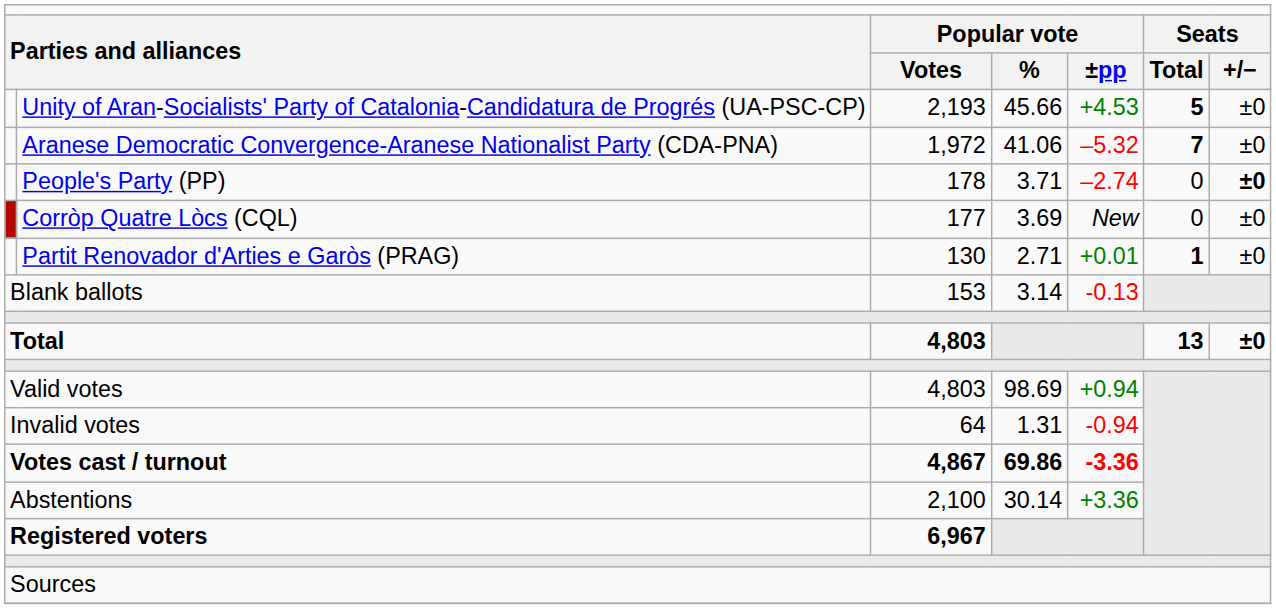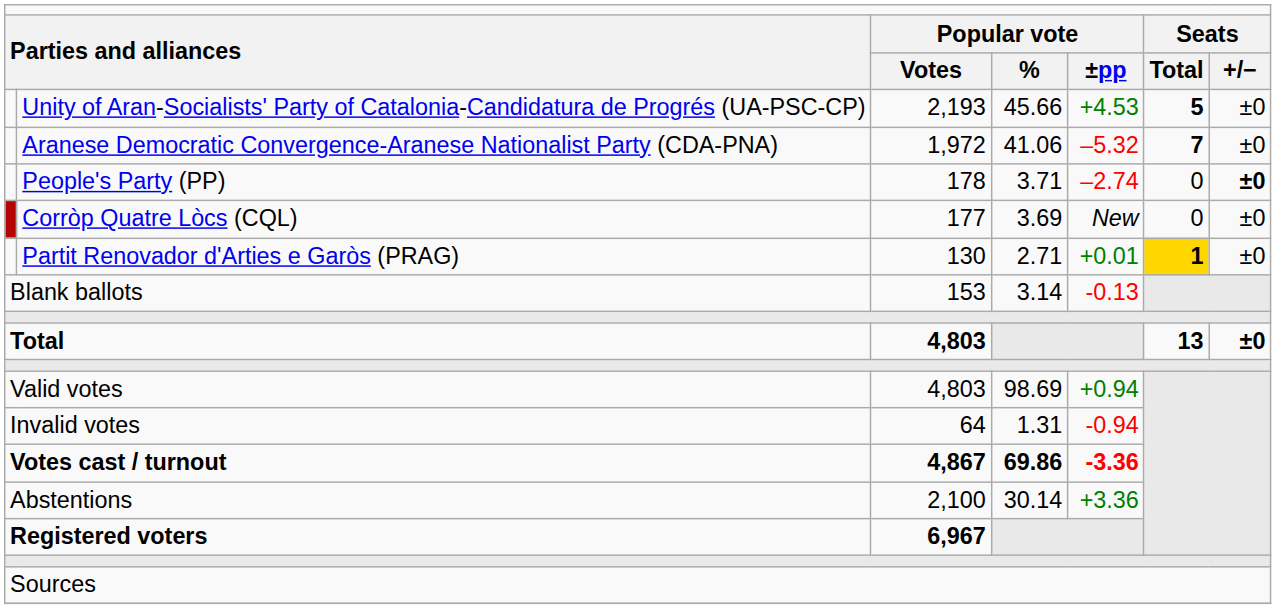 <table class="wikitable" style="text-align:right;">
 <tr>
 <td colspan="7"></td>
 </tr>
 <tr>
 <th colspan="2" rowspan="2" style="text-align:left;" width="525">Parties and alliances</th>
 <th colspan="3">Popular vote</th>
 <th colspan="2">Seats</th>
 </tr>
 <tr>
 <th width="75">Votes</th>
 <th width="45">%</th>
 <th width="45">±<a href='#'>pp</a></th>
 <th width="35">Total</th>
 <th width="35">+/−</th>
 </tr>
 <tr>
 <td width="1" style="color:inherit;background:"></td>
 <td align="left"><a href='#'>Unity of Aran</a>-<a href='#'>Socialists' Party of Catalonia</a>-<a href='#'>Candidatura de Progrés</a> (UA-PSC-CP)</td>
 <td>2,193</td>
 <td>45.66</td>
 <td style="color:green;">+4.53</td>
 <td><strong>5</strong></td>
 <td>±0</td>
 </tr>
 <tr>
 <td style="color:inherit;background:"></td>
 <td align="left"><a href='#'>Aranese Democratic Convergence-Aranese Nationalist Party</a> (CDA-PNA)</td>
 <td>1,972</td>
 <td>41.06</td>
 <td style="color:red;">–5.32</td>
 <td><strong>7</strong></td>
 <td>±0</td>
 </tr>
 <tr>
 <td style="color:inherit;background:"></td>
 <td align="left"><a href='#'>People's Party</a> (PP)</td>
 <td>178</td>
 <td>3.71</td>
 <td style="color:red;">–2.74</td>
 <td>0</td>
 <td><strong>±0</strong></td>
 </tr>
 <tr>
 <td style="color:inherit;background:#B40404"></td>
 <td align="left"><a href='#'>Corròp Quatre Lòcs</a> (CQL)</td>
 <td>177</td>
 <td>3.69</td>
 <td><em>New</em></td>
 <td>0</td>
 <td>±0</td>
 </tr>
 <tr>
 <td style="color:inherit;background:"></td>
 <td align="left"><a href='#'>Partit Renovador d'Arties e Garòs</a> (PRAG)</td>
 <td>130</td>
 <td>2.71</td>
 <td style="color:green;">+0.01</td>
-<td><strong>1</strong></td>
+<td style="background: gold;"><strong>1</strong></td>
 <td>±0</td>
 </tr>
 <tr>
 <td colspan="2" align="left">Blank ballots</td>
 <td>153</td>
 <td>3.14</td>
 <td style="color:red;">-0.13</td>
 <td colspan="2" bgcolor="#E9E9E9"></td>
 </tr>
 <tr>
 <td colspan="7" bgcolor="#E9E9E9"></td>
 </tr>
 <tr style="font-weight:bold;">
 <td colspan="2" align="left">Total</td>
 <td>4,803</td>
 <td colspan="2" bgcolor="#E9E9E9"></td>
 <td>13</td>
 <td>±0</td>
 </tr>
 <tr>
 <td colspan="7" bgcolor="#E9E9E9"></td>
 </tr>
 <tr>
 <td colspan="2" align="left">Valid votes</td>
 <td>4,803</td>
 <td>98.69</td>
 <td style="color:green;">+0.94</td>
 <td colspan="2" rowspan="5" bgcolor="#E9E9E9"></td>
 </tr>
 <tr>
 <td colspan="2" align="left">Invalid votes</td>
 <td>64</td>
 <td>1.31</td>
 <td style="color:red;">-0.94</td>
 </tr>
 <tr style="font-weight:bold;">
 <td colspan="2" align="left">Votes cast / turnout</td>
 <td>4,867</td>
 <td>69.86</td>
 <td style="color:red;">-3.36</td>
 </tr>
 <tr>
 <td colspan="2" align="left">Abstentions</td>
 <td>2,100</td>
 <td>30.14</td>
 <td style="color:green;">+3.36</td>
 </tr>
 <tr style="font-weight:bold;">
 <td colspan="2" align="left">Registered voters</td>
 <td>6,967</td>
 <td colspan="2" bgcolor="#E9E9E9"></td>
 </tr>
 <tr>
 <td colspan="7" bgcolor="#E9E9E9"></td>
 </tr>
 <tr>
 <td colspan="7" align="left">Sources</td>
 </tr>
 <tr>
 </tr>
 </table>
